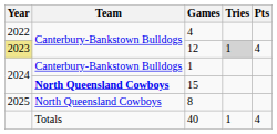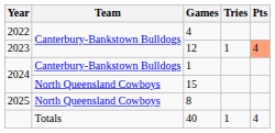 <table class="wikitable">
 <tr>
 <th>Year</th>
 <th>Team</th>
 <th>Games</th>
 <th>Tries</th>
 <th>Pts</th>
 </tr>
 <tr>
 <td>2022</td>
 <td rowspan="2"> <a href='#'>Canterbury-Bankstown Bulldogs</a></td>
 <td>4</td>
 <td></td>
 <td></td>
 </tr>
 <tr>
-<td style="background: khaki;">2023</td>
+<td>2023</td>
 <td>12</td>
-<td style="background: lightgrey;">1</td>
-<td>4</td>
+<td>1</td>
+<td style="background: lightsalmon;">4</td>
 </tr>
 <tr>
 <td rowspan="2">2024</td>
 <td> <a href='#'>Canterbury-Bankstown Bulldogs</a></td>
 <td>1</td>
 <td></td>
 <td></td>
 </tr>
 <tr>
-<td><strong> <a href='#'>North Queensland Cowboys</a></strong></td>
+<td> <a href='#'>North Queensland Cowboys</a></td>
 <td>15</td>
 <td></td>
 <td></td>
 </tr>
 <tr>
 <td>2025</td>
 <td> <a href='#'>North Queensland Cowboys</a></td>
 <td>8</td>
 <td></td>
 <td></td>
 </tr>
 <tr>
 <td></td>
 <td>Totals</td>
 <td>40</td>
 <td>1</td>
 <td>4</td>
 </tr>
 </table>
